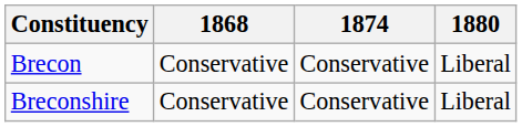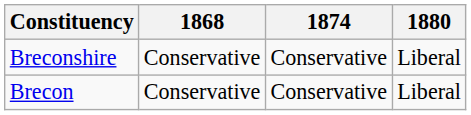 <table class="wikitable">
 <tr>
 <th>Constituency</th>
 <th>1868</th>
 <th>1874</th>
 <th>1880</th>
 </tr>
 <tr>
+<td><a href='#'>Breconshire</a></td>
+<td>Conservative</td>
+<td>Conservative</td>
+<td>Liberal</td>
+</tr>
+<tr>
 <td><a href='#'>Brecon</a></td>
 <td>Conservative</td>
 <td>Conservative</td>
 <td>Liberal</td>
 </tr>
-<tr>
-<td><a href='#'>Breconshire</a></td>
-<td>Conservative</td>
-<td>Conservative</td>
-<td>Liberal</td>
-</tr>
 </table>
